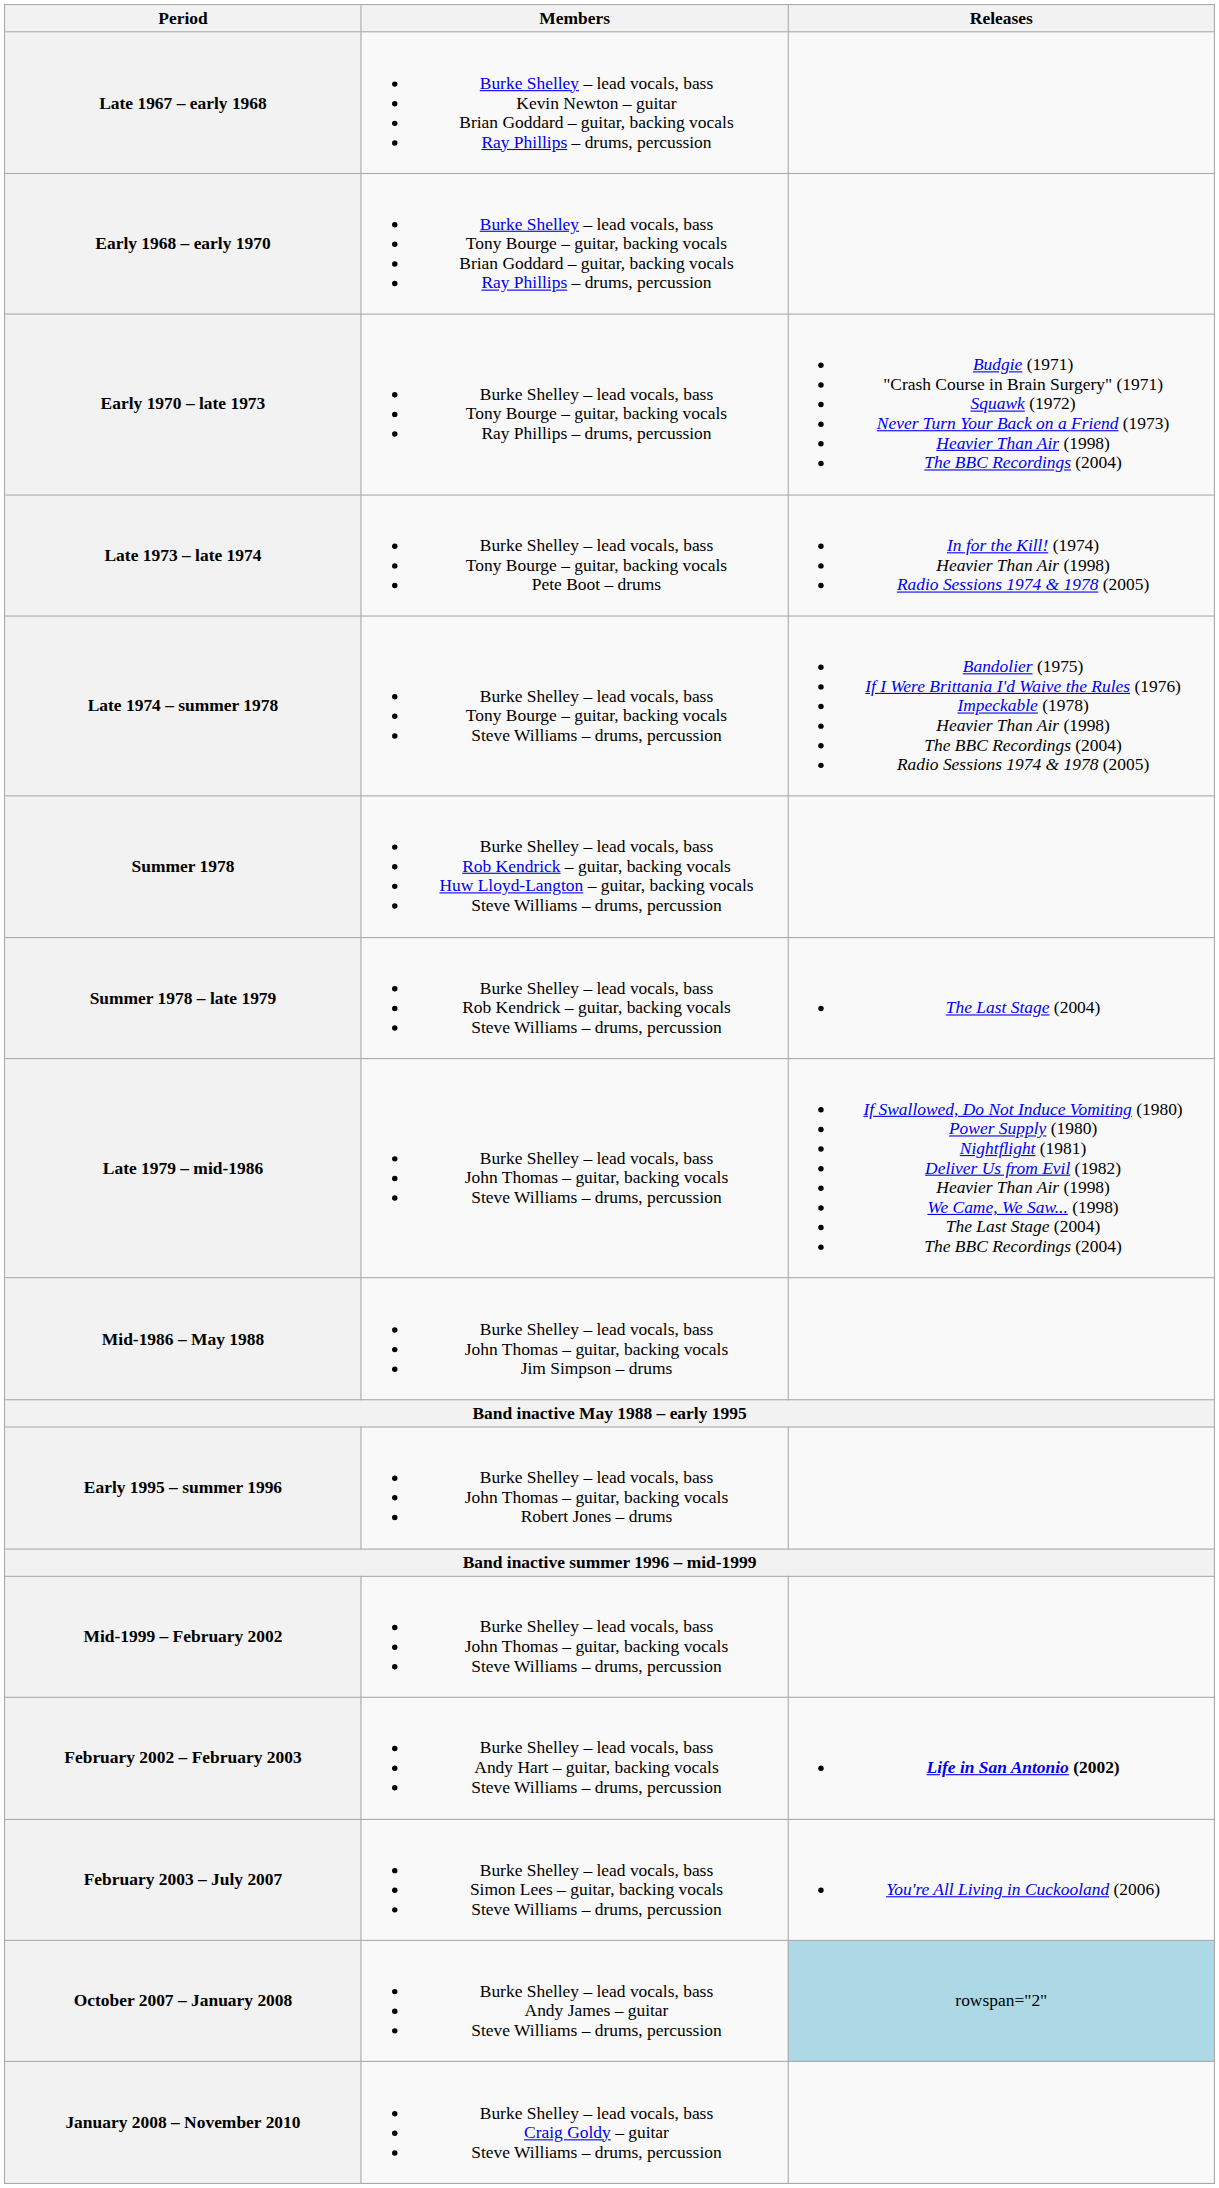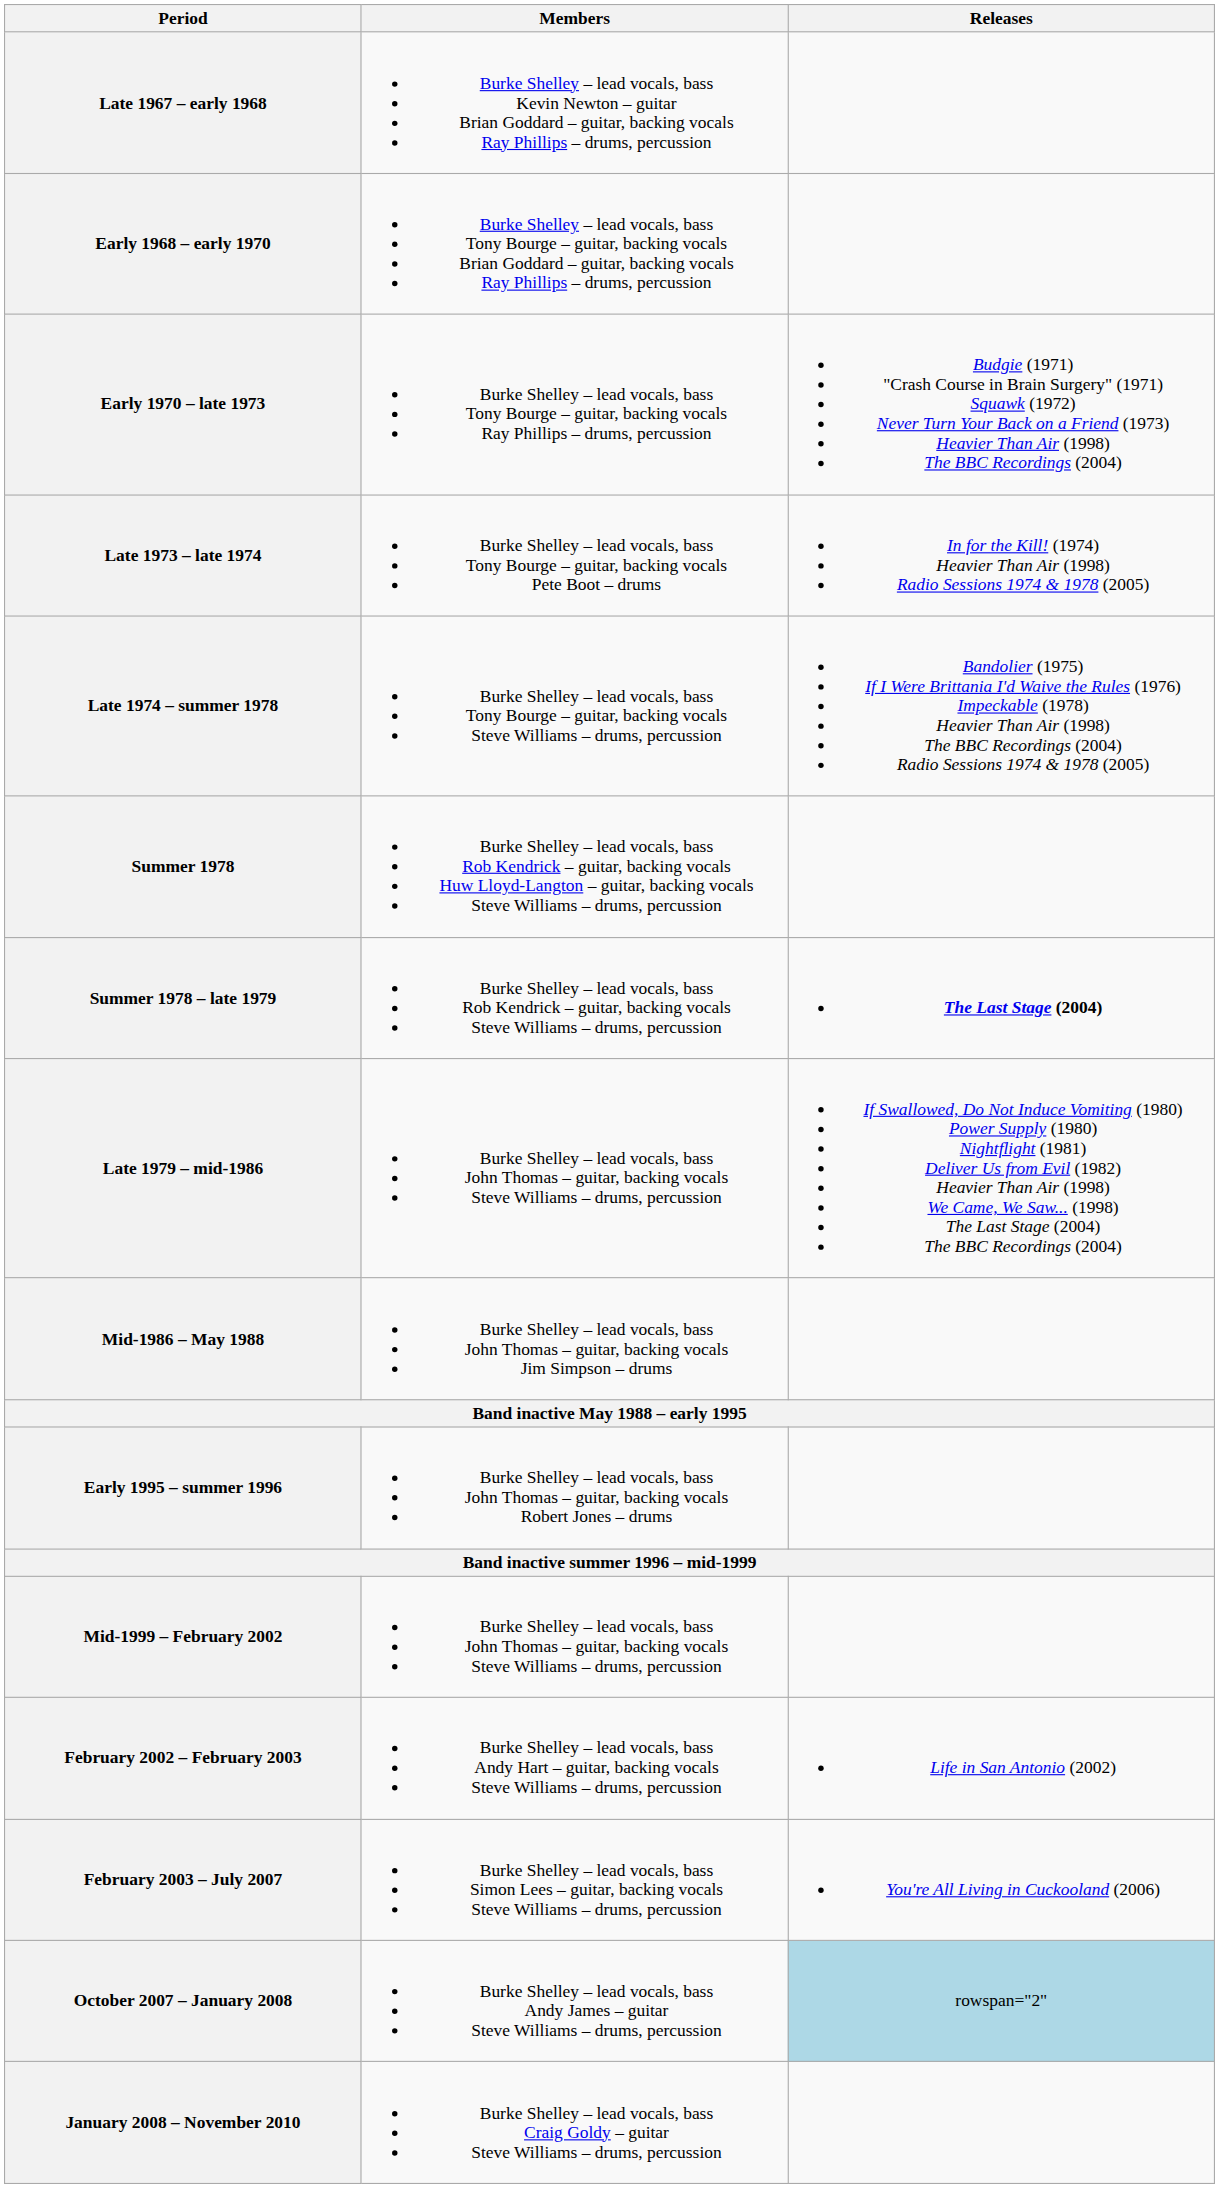 <table class="wikitable plainrowheaders" style="text-align:center;">
 <tr>
 <th scope="col" style="width:20em;">Period</th>
 <th scope="col" style="width:24em;">Members</th>
 <th scope="col" style="width:24em;">Releases</th>
 </tr>
 <tr>
 <th scope="col">Late 1967 – early 1968</th>
 <td><br><ul><li><a href='#'>Burke Shelley</a> – lead vocals, bass</li><li>Kevin Newton – guitar</li><li>Brian Goddard – guitar, backing vocals</li><li><a href='#'>Ray Phillips</a> – drums, percussion</li></ul></td>
 <td></td>
 </tr>
 <tr>
 <th scope="col">Early 1968 – early 1970</th>
 <td><br><ul><li><a href='#'>Burke Shelley</a> – lead vocals, bass</li><li>Tony Bourge – guitar, backing vocals</li><li>Brian Goddard – guitar, backing vocals</li><li><a href='#'>Ray Phillips</a> – drums, percussion</li></ul></td>
 <td></td>
 </tr>
 <tr>
 <th scope="col">Early 1970 – late 1973</th>
 <td><br><ul><li>Burke Shelley – lead vocals, bass</li><li>Tony Bourge – guitar, backing vocals</li><li>Ray Phillips – drums, percussion</li></ul></td>
 <td><br><ul><li><em><a href='#'>Budgie</a></em> (1971)</li><li>"Crash Course in Brain Surgery" (1971)</li><li><em><a href='#'>Squawk</a></em> (1972)</li><li><em><a href='#'>Never Turn Your Back on a Friend</a></em> (1973)</li><li><em><a href='#'>Heavier Than Air</a></em> (1998) </li><li><em><a href='#'>The BBC Recordings</a></em> (2004) </li></ul></td>
 </tr>
 <tr>
 <th scope="col">Late 1973 – late 1974</th>
 <td><br><ul><li>Burke Shelley – lead vocals, bass</li><li>Tony Bourge – guitar, backing vocals</li><li>Pete Boot – drums</li></ul></td>
 <td><br><ul><li><em><a href='#'>In for the Kill!</a></em> (1974)</li><li><em>Heavier Than Air</em> (1998) </li><li><em><a href='#'>Radio Sessions 1974 & 1978</a></em> (2005) </li></ul></td>
 </tr>
 <tr>
 <th scope="col">Late 1974 – summer 1978</th>
 <td><br><ul><li>Burke Shelley – lead vocals, bass</li><li>Tony Bourge – guitar, backing vocals</li><li>Steve Williams – drums, percussion</li></ul></td>
 <td><br><ul><li><em><a href='#'>Bandolier</a></em> (1975)</li><li><em><a href='#'>If I Were Brittania I'd Waive the Rules</a></em> (1976)</li><li><em><a href='#'>Impeckable</a></em> (1978)</li><li><em>Heavier Than Air</em> (1998) </li><li><em>The BBC Recordings</em> (2004) </li><li><em>Radio Sessions 1974 & 1978</em> (2005) </li></ul></td>
 </tr>
 <tr>
 <th scope="col">Summer 1978</th>
 <td><br><ul><li>Burke Shelley – lead vocals, bass</li><li><a href='#'>Rob Kendrick</a> – guitar, backing vocals</li><li><a href='#'>Huw Lloyd-Langton</a> – guitar, backing vocals</li><li>Steve Williams – drums, percussion</li></ul></td>
 <td></td>
 </tr>
 <tr>
 <th scope="col">Summer 1978 – late 1979</th>
 <td><br><ul><li>Burke Shelley – lead vocals, bass</li><li>Rob Kendrick – guitar, backing vocals</li><li>Steve Williams – drums, percussion</li></ul></td>
-<td><br><ul><li><em><a href='#'>The Last Stage</a></em> (2004) </li></ul></td>
+<td><strong><br><ul><li><em><a href='#'>The Last Stage</a></em> (2004) </li></ul></strong></td>
 </tr>
 <tr>
 <th scope="col">Late 1979 – mid-1986</th>
 <td><br><ul><li>Burke Shelley – lead vocals, bass</li><li>John Thomas – guitar, backing vocals</li><li>Steve Williams – drums, percussion</li></ul></td>
 <td><br><ul><li><em><a href='#'>If Swallowed, Do Not Induce Vomiting</a></em> (1980)</li><li><em><a href='#'>Power Supply</a></em> (1980)</li><li><em><a href='#'>Nightflight</a></em> (1981)</li><li><em><a href='#'>Deliver Us from Evil</a></em> (1982)</li><li><em>Heavier Than Air</em> (1998) </li><li><em><a href='#'>We Came, We Saw...</a></em> (1998)</li><li><em>The Last Stage</em> (2004) </li><li><em>The BBC Recordings</em> (2004) </li></ul></td>
 </tr>
 <tr>
 <th scope="col">Mid-1986 – May 1988</th>
 <td><br><ul><li>Burke Shelley – lead vocals, bass</li><li>John Thomas – guitar, backing vocals</li><li>Jim Simpson – drums</li></ul></td>
 <td></td>
 </tr>
 <tr>
 <th scope="col" colspan="3">Band inactive May 1988 – early 1995</th>
 </tr>
 <tr>
 <th scope="col">Early 1995 – summer 1996</th>
 <td><br><ul><li>Burke Shelley – lead vocals, bass</li><li>John Thomas – guitar, backing vocals</li><li>Robert Jones – drums</li></ul></td>
 <td></td>
 </tr>
 <tr>
 <th scope="col" colspan="3">Band inactive summer 1996 – mid-1999</th>
 </tr>
 <tr>
 <th scope="col">Mid-1999 – February 2002</th>
 <td><br><ul><li>Burke Shelley – lead vocals, bass</li><li>John Thomas – guitar, backing vocals</li><li>Steve Williams – drums, percussion</li></ul></td>
 <td></td>
 </tr>
 <tr>
 <th scope="col">February 2002 – February 2003</th>
 <td><br><ul><li>Burke Shelley – lead vocals, bass</li><li>Andy Hart – guitar, backing vocals</li><li>Steve Williams – drums, percussion</li></ul></td>
-<td><strong><br><ul><li><em><a href='#'>Life in San Antonio</a></em> (2002)</li></ul></strong></td>
+<td><br><ul><li><em><a href='#'>Life in San Antonio</a></em> (2002)</li></ul></td>
 </tr>
 <tr>
 <th scope="col">February 2003 – July 2007</th>
 <td><br><ul><li>Burke Shelley – lead vocals, bass</li><li>Simon Lees – guitar, backing vocals</li><li>Steve Williams – drums, percussion</li></ul></td>
 <td><br><ul><li><em><a href='#'>You're All Living in Cuckooland</a></em> (2006)</li></ul></td>
 </tr>
 <tr>
 <th scope="col">October 2007 – January 2008</th>
 <td><br><ul><li>Burke Shelley – lead vocals, bass</li><li>Andy James – guitar</li><li>Steve Williams – drums, percussion</li></ul></td>
 <td style="background: lightblue;">rowspan="2" </td>
 </tr>
 <tr>
 <th scope="col">January 2008 – November 2010</th>
 <td><br><ul><li>Burke Shelley – lead vocals, bass</li><li><a href='#'>Craig Goldy</a> – guitar</li><li>Steve Williams – drums, percussion</li></ul></td>
 </tr>
 </table>
